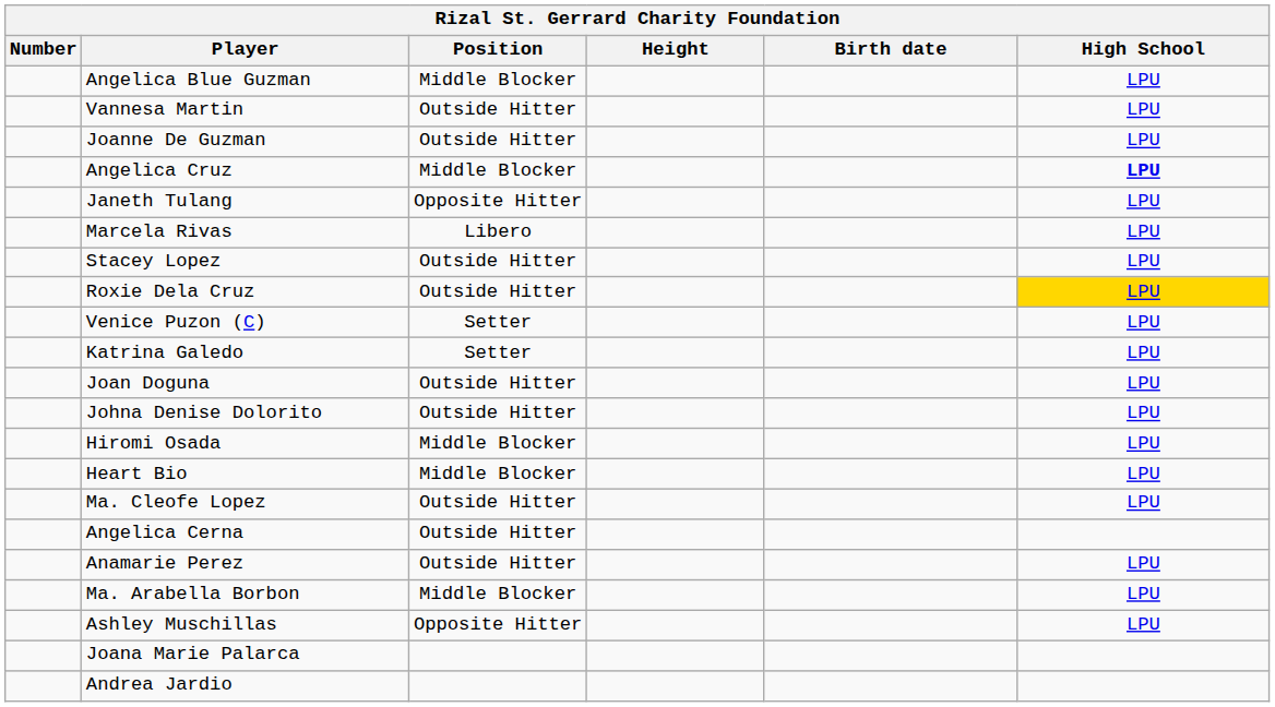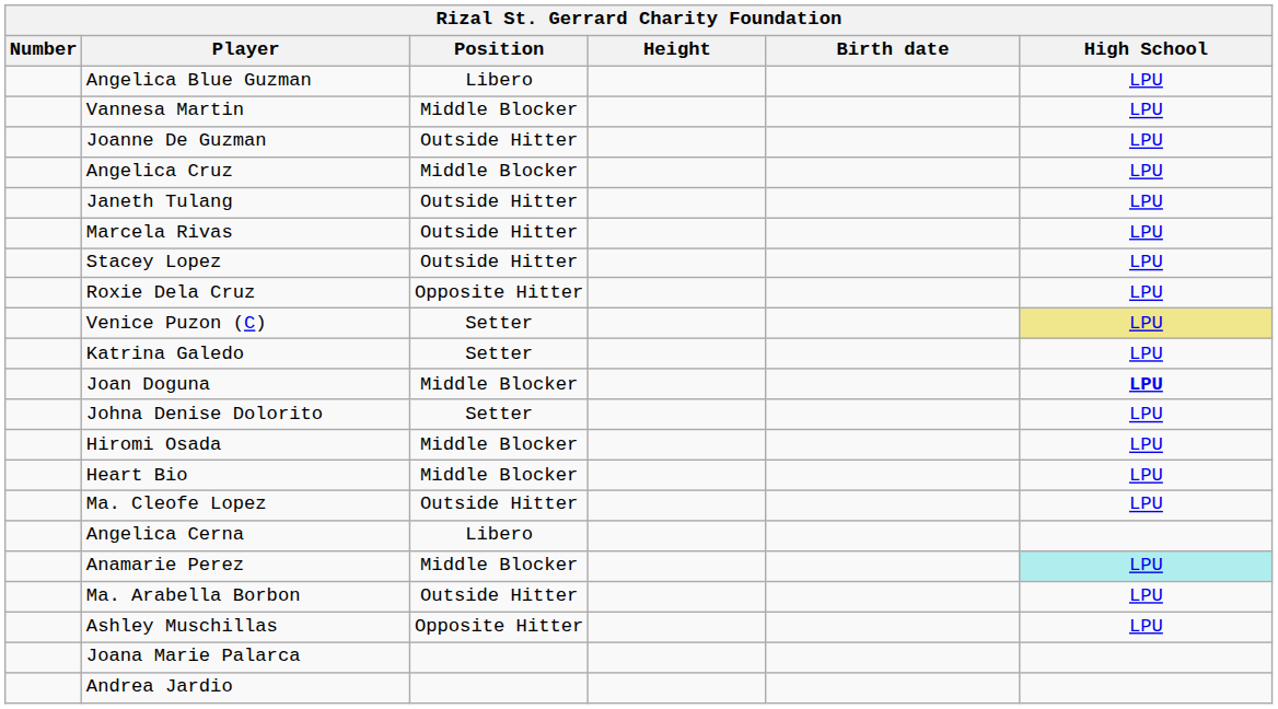 <table class="wikitable sortable" style="font-size:95%; text-align:left;">
 <tr>
 <th colspan="7"><strong>Rizal St. Gerrard Charity Foundation</strong></th>
 </tr>
 <tr>
 <th style= "align=center; width:1em;">Number</th>
 <th style= "align=center;width:17em;">Player</th>
 <th style= "align=center; width:9em;">Position</th>
 <th style= "align=center; width:9em;">Height</th>
 <th style= "align=center; width:13em;">Birth date</th>
 <th style= "align=center; width:13em;">High School</th>
 </tr>
 <tr align=center>
 <td></td>
 <td align=left>Angelica Blue Guzman</td>
-<td>Middle Blocker</td>
+<td>Libero</td>
 <td></td>
 <td></td>
 <td><a href='#'>LPU</a></td>
 </tr>
 <tr align=center>
 <td></td>
 <td align=left>Vannesa Martin</td>
-<td>Outside Hitter</td>
+<td>Middle Blocker</td>
 <td></td>
 <td></td>
 <td><a href='#'>LPU</a></td>
 </tr>
 <tr align=center>
 <td></td>
 <td align=left>Joanne De Guzman</td>
 <td>Outside Hitter</td>
 <td></td>
 <td></td>
 <td><a href='#'>LPU</a></td>
 </tr>
 <tr align=center>
 <td></td>
 <td align=left>Angelica Cruz</td>
 <td>Middle Blocker</td>
 <td></td>
 <td></td>
-<td><strong><a href='#'>LPU</a></strong></td>
+<td><a href='#'>LPU</a></td>
 </tr>
 <tr align=center>
 <td></td>
 <td align=left>Janeth Tulang</td>
-<td>Opposite Hitter</td>
+<td>Outside Hitter</td>
 <td></td>
 <td></td>
 <td><a href='#'>LPU</a></td>
 </tr>
 <tr align=center>
 <td></td>
 <td align=left>Marcela Rivas</td>
-<td>Libero</td>
+<td>Outside Hitter</td>
 <td></td>
 <td></td>
 <td><a href='#'>LPU</a></td>
 </tr>
 <tr align=center>
 <td></td>
 <td align=left>Stacey Lopez</td>
 <td>Outside Hitter</td>
 <td></td>
 <td></td>
 <td><a href='#'>LPU</a></td>
 </tr>
 <tr align=center>
 <td></td>
 <td align=left>Roxie Dela Cruz</td>
-<td>Outside Hitter</td>
+<td>Opposite Hitter</td>
 <td></td>
 <td></td>
-<td style="background: gold;"><a href='#'>LPU</a></td>
+<td><a href='#'>LPU</a></td>
 </tr>
 <tr align=center>
 <td></td>
 <td align=left>Venice Puzon (<a href='#'>C</a>)</td>
 <td>Setter</td>
 <td></td>
 <td></td>
-<td><a href='#'>LPU</a></td>
+<td style="background: khaki;"><a href='#'>LPU</a></td>
 </tr>
 <tr align=center>
 <td></td>
 <td align=left>Katrina Galedo</td>
 <td>Setter</td>
 <td></td>
 <td></td>
 <td><a href='#'>LPU</a></td>
 </tr>
 <tr align=center>
 <td></td>
 <td align=left>Joan Doguna</td>
-<td>Outside Hitter</td>
+<td>Middle Blocker</td>
 <td></td>
 <td></td>
-<td><a href='#'>LPU</a></td>
+<td><strong><a href='#'>LPU</a></strong></td>
 </tr>
 <tr align=center>
 <td></td>
 <td align=left>Johna Denise Dolorito</td>
-<td>Outside Hitter</td>
+<td>Setter</td>
 <td></td>
 <td></td>
 <td><a href='#'>LPU</a></td>
 </tr>
 <tr align=center>
 <td></td>
 <td align=left>Hiromi Osada</td>
 <td>Middle Blocker</td>
 <td></td>
 <td></td>
 <td><a href='#'>LPU</a></td>
 </tr>
 <tr align=center>
 <td></td>
 <td align=left>Heart Bio</td>
 <td>Middle Blocker</td>
 <td></td>
 <td></td>
 <td><a href='#'>LPU</a></td>
 </tr>
 <tr align=center>
 <td></td>
 <td align=left>Ma. Cleofe Lopez</td>
 <td>Outside Hitter</td>
 <td></td>
 <td></td>
 <td><a href='#'>LPU</a></td>
 </tr>
 <tr align=center>
 <td></td>
 <td align=left>Angelica Cerna</td>
-<td>Outside Hitter</td>
+<td>Libero</td>
 <td></td>
 <td></td>
 <td></td>
 </tr>
 <tr align=center>
 <td></td>
 <td align=left>Anamarie Perez</td>
-<td>Outside Hitter</td>
+<td>Middle Blocker</td>
 <td></td>
 <td></td>
-<td><a href='#'>LPU</a></td>
+<td style="background: paleturquoise;"><a href='#'>LPU</a></td>
 </tr>
 <tr align=center>
 <td></td>
 <td align=left>Ma. Arabella Borbon</td>
-<td>Middle Blocker</td>
+<td>Outside Hitter</td>
 <td></td>
 <td></td>
 <td><a href='#'>LPU</a></td>
 </tr>
 <tr align=center>
 <td></td>
 <td align=left>Ashley Muschillas</td>
 <td>Opposite Hitter</td>
 <td></td>
 <td></td>
 <td><a href='#'>LPU</a></td>
 </tr>
 <tr align=center>
 <td></td>
 <td align=left>Joana Marie Palarca</td>
 <td></td>
 <td></td>
 <td></td>
 <td></td>
 </tr>
 <tr align=center>
 <td></td>
 <td align=left>Andrea Jardio</td>
 <td></td>
 <td></td>
 <td></td>
 <td></td>
 </tr>
 </table>
